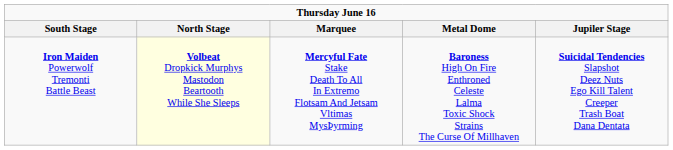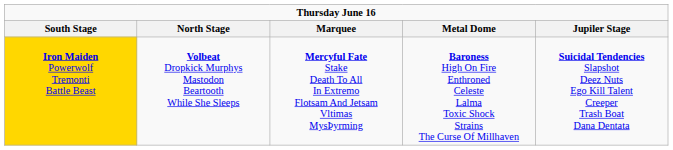 <table class="wikitable">
 <tr>
 <td colspan="5" style="text-align:center;"><strong>Thursday June 16</strong></td>
 </tr>
 <tr>
 <th>South Stage</th>
 <th>North Stage</th>
 <th>Marquee</th>
 <th>Metal Dome</th>
 <th>Jupiler Stage</th>
 </tr>
 <tr>
-<td style="text-align:center; vertical-align:top; width:200px;"><br><strong><a href='#'>Iron Maiden</a></strong> <br> <a href='#'>Powerwolf</a> <br> <a href='#'>Tremonti</a> <br> <a href='#'>Battle Beast</a> <br></td>
-<td style="background: lightyellow; text-align:center; vertical-align:top; width:200px;"><br><strong><a href='#'>Volbeat</a></strong> <br> <a href='#'>Dropkick Murphys</a> <br> <a href='#'>Mastodon</a> <br> <a href='#'>Beartooth</a> <br> <a href='#'>While She Sleeps</a> <br></td>
+<td style="background: gold; text-align:center; vertical-align:top; width:200px;"><br><strong><a href='#'>Iron Maiden</a></strong> <br> <a href='#'>Powerwolf</a> <br> <a href='#'>Tremonti</a> <br> <a href='#'>Battle Beast</a> <br></td>
+<td style="text-align:center; vertical-align:top; width:200px;"><br><strong><a href='#'>Volbeat</a></strong> <br> <a href='#'>Dropkick Murphys</a> <br> <a href='#'>Mastodon</a> <br> <a href='#'>Beartooth</a> <br> <a href='#'>While She Sleeps</a> <br></td>
 <td style="text-align:center; vertical-align:top; width:200px;"><br><strong><a href='#'>Mercyful Fate</a></strong> <br> <a href='#'>Stake</a> <br> <a href='#'>Death To All</a> <br> <a href='#'>In Extremo</a> <br> <a href='#'>Flotsam And Jetsam</a> <br> <a href='#'>Vltimas</a> <br> <a href='#'>MysÞyrming</a> <br></td>
 <td style="text-align:center; vertical-align:top; width:200px;"><br><strong><a href='#'>Baroness</a></strong> <br> <a href='#'>High On Fire</a> <br> <a href='#'>Enthroned</a> <br> <a href='#'>Celeste</a> <br> <a href='#'>Lalma</a> <br> <a href='#'>Toxic Shock</a> <br> <a href='#'>Strains</a> <br> <a href='#'>The Curse Of Millhaven</a> <br></td>
 <td style="text-align:center; vertical-align:top; width:200px;"><br><strong><a href='#'>Suicidal Tendencies</a></strong> <br> <a href='#'>Slapshot</a> <br> <a href='#'>Deez Nuts</a> <br> <a href='#'>Ego Kill Talent</a> <br> <a href='#'>Creeper</a> <br> <a href='#'>Trash Boat</a> <br> <a href='#'>Dana Dentata</a> <br></td>
 </tr>
 </table>
